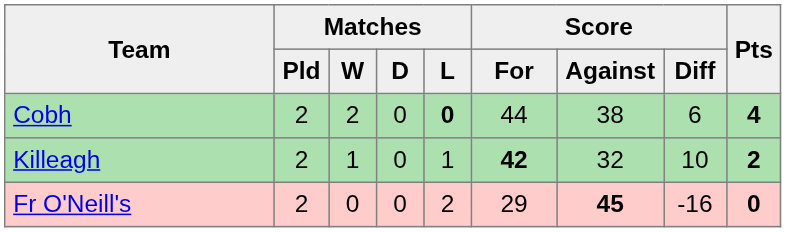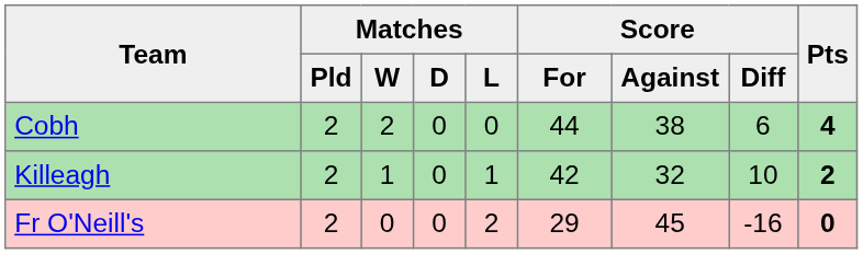 <table style=border-collapse:collapse border=1 cellspacing=0 cellpadding=5>
 <tr align=center bgcolor=#efefef>
 <th rowspan=2 width=165>Team</th>
 <th colspan=4>Matches</th>
 <th colspan=3>Score</th>
 <th rowspan=2width=20>Pts</th>
 </tr>
 <tr align=center bgcolor=#efefef>
 <th width=20>Pld</th>
 <th width=20>W</th>
 <th width=20>D</th>
 <th width=20>L</th>
 <th width=45>For</th>
 <th width=45>Against</th>
 <th width=30>Diff</th>
 </tr>
 <tr align=center style="background:#ACE1AF;">
 <td style="text-align:left;"><a href='#'>Cobh</a></td>
 <td>2</td>
 <td>2</td>
 <td>0</td>
-<td><strong>0</strong></td>
+<td>0</td>
 <td>44</td>
 <td>38</td>
 <td>6</td>
 <td><strong>4</strong></td>
 </tr>
 <tr align=center style="background:#ACE1AF;">
 <td style="text-align:left;"><a href='#'>Killeagh</a></td>
 <td>2</td>
 <td>1</td>
 <td>0</td>
 <td>1</td>
-<td><strong>42</strong></td>
+<td>42</td>
 <td>32</td>
 <td>10</td>
 <td><strong>2</strong></td>
 </tr>
 <tr align=center style="background:#ffcccc;">
 <td style="text-align:left;"><a href='#'>Fr O'Neill's</a></td>
 <td>2</td>
 <td>0</td>
 <td>0</td>
 <td>2</td>
 <td>29</td>
-<td><strong>45</strong></td>
+<td>45</td>
 <td>-16</td>
 <td><strong>0</strong></td>
 </tr>
 </table>
